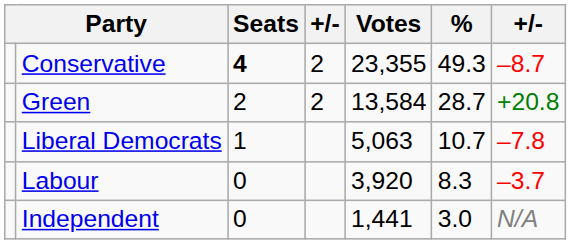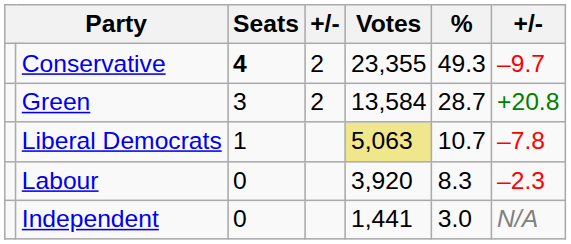 <table class="wikitable">
 <tr>
 <th colspan="2">Party</th>
 <th>Seats</th>
 <th>+/-</th>
 <th>Votes</th>
 <th>%</th>
 <th>+/-</th>
 </tr>
 <tr>
 <td style="background-color: "></td>
 <td><a href='#'>Conservative</a></td>
 <td><strong>4</strong></td>
 <td> 2</td>
 <td>23,355</td>
 <td>49.3</td>
-<td style="color:red">–8.7</td>
+<td style="color:red">–9.7</td>
 </tr>
 <tr>
 <td style="background-color: "></td>
 <td><a href='#'>Green</a></td>
-<td>2</td>
+<td>3</td>
 <td> 2</td>
 <td>13,584</td>
 <td>28.7</td>
 <td style="color:green">+20.8</td>
 </tr>
 <tr>
 <td style="background-color: "></td>
 <td><a href='#'>Liberal Democrats</a></td>
 <td>1</td>
 <td></td>
-<td>5,063</td>
+<td style="background: khaki;">5,063</td>
 <td>10.7</td>
 <td style="color:red">–7.8</td>
 </tr>
 <tr>
 <td style="background-color: "></td>
 <td><a href='#'>Labour</a></td>
 <td>0</td>
 <td></td>
 <td>3,920</td>
 <td>8.3</td>
-<td style="color:red">–3.7</td>
+<td style="color:red">–2.3</td>
 </tr>
 <tr>
 <td style="background-color: "></td>
 <td><a href='#'>Independent</a></td>
 <td>0</td>
 <td></td>
 <td>1,441</td>
 <td>3.0</td>
 <td style="color:grey"><em>N/A</em></td>
 </tr>
 </table>
